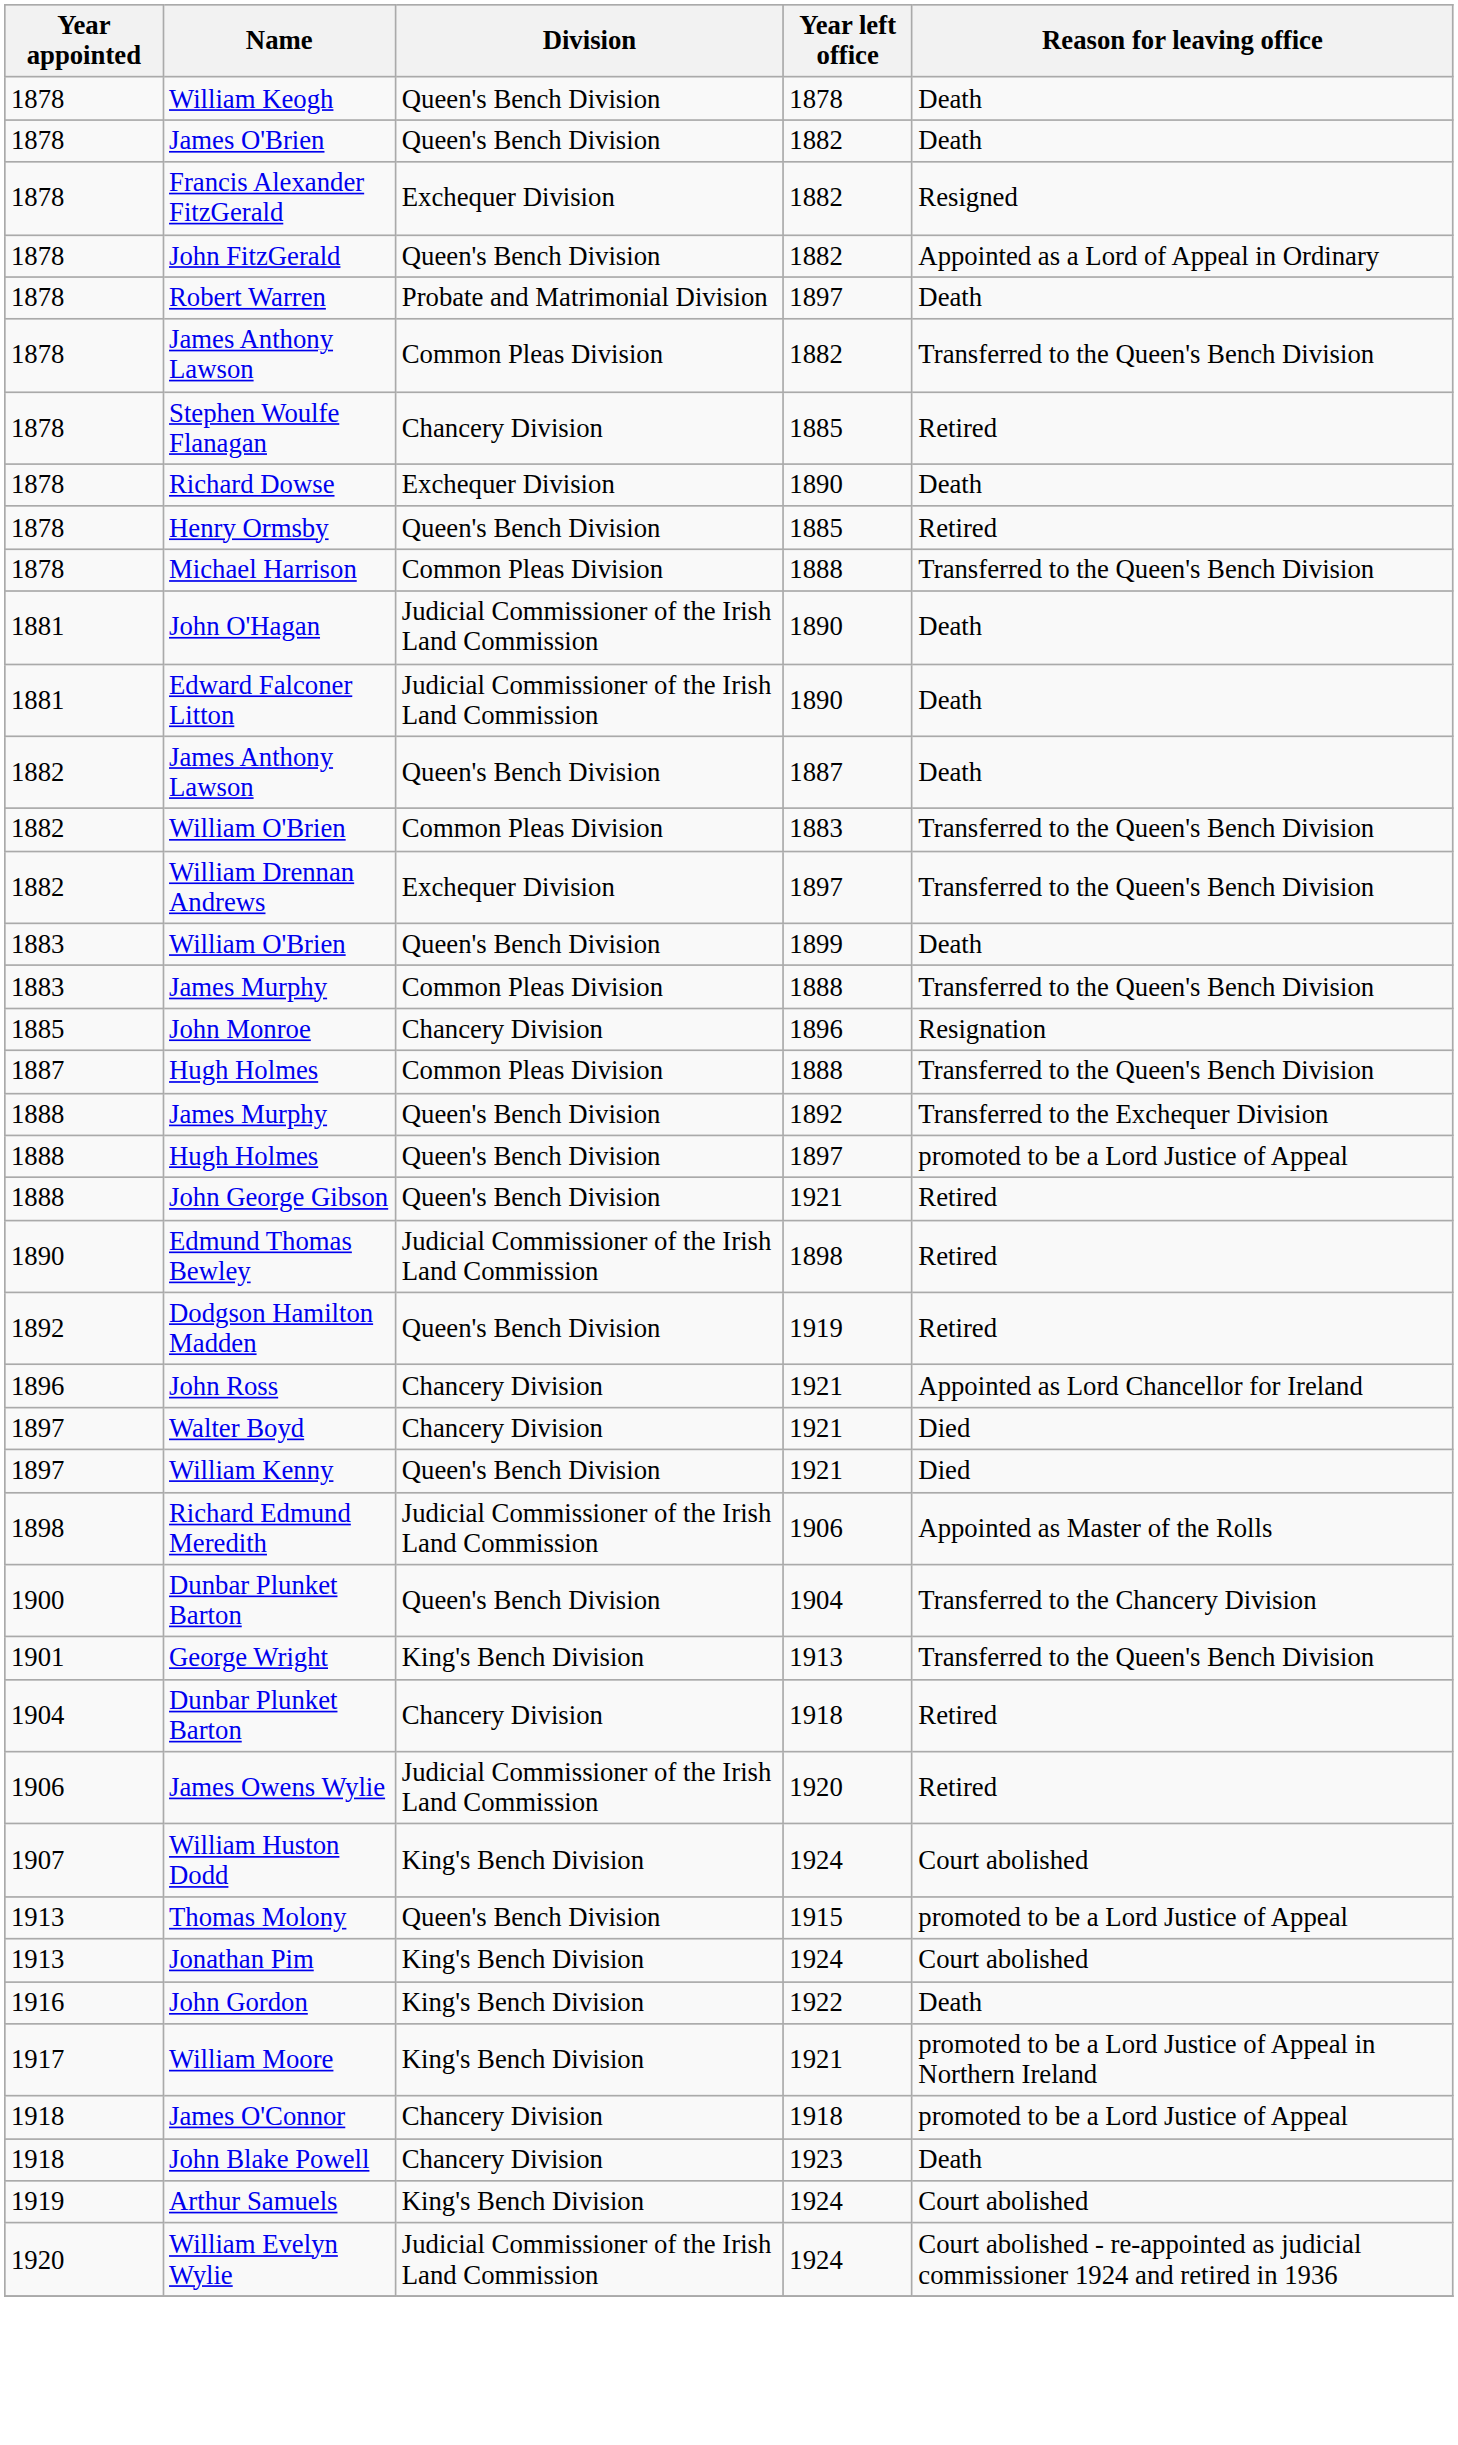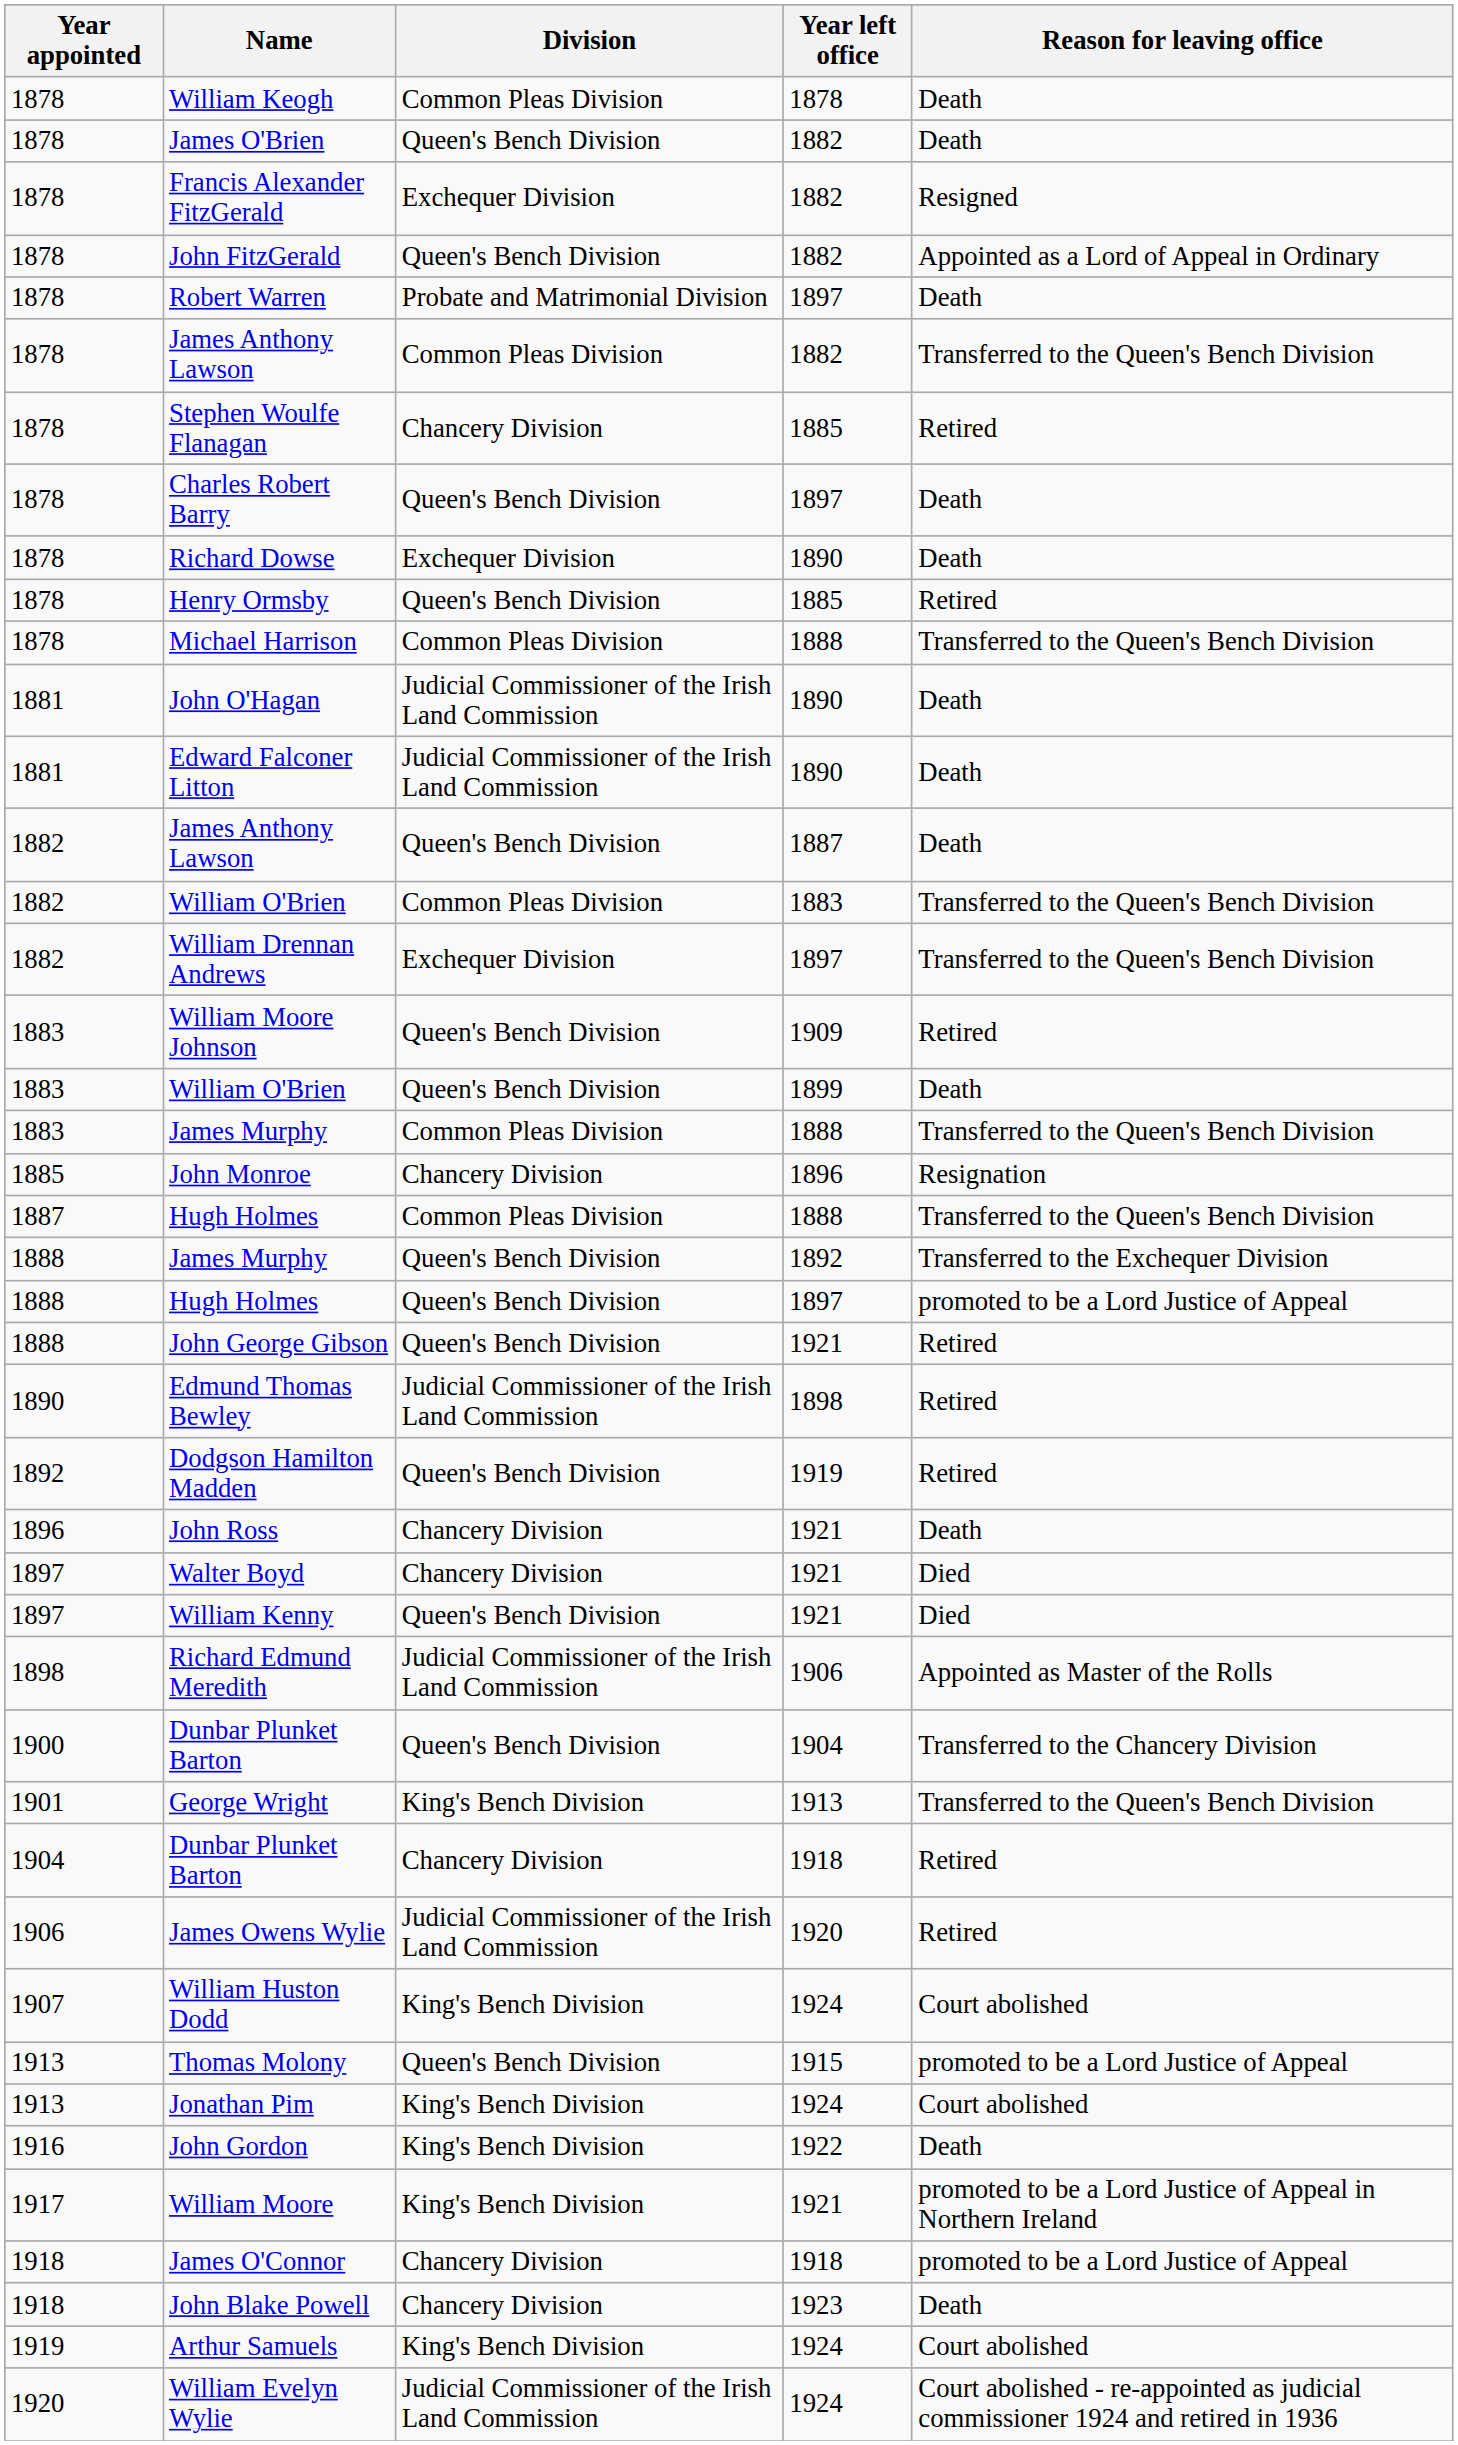 <table class="wikitable sortable">
 <tr>
 <th>Year appointed</th>
 <th>Name</th>
 <th>Division</th>
 <th>Year left office</th>
 <th>Reason for leaving office</th>
 </tr>
 <tr>
 <td>1878</td>
 <td data-sort-value="Keogh, William"><a href='#'>William Keogh</a></td>
-<td>Queen's Bench Division</td>
+<td>Common Pleas Division</td>
 <td>1878</td>
 <td>Death</td>
 </tr>
 <tr>
 <td>1878</td>
 <td data-sort-value="O'Brien, James"><a href='#'>James O'Brien</a></td>
 <td>Queen's Bench Division</td>
 <td>1882</td>
 <td>Death</td>
 </tr>
 <tr>
 <td>1878</td>
 <td data-sort-value="FitzGerald, Francis Alexander"><a href='#'>Francis Alexander FitzGerald</a></td>
 <td>Exchequer Division</td>
 <td>1882</td>
 <td>Resigned</td>
 </tr>
 <tr>
 <td>1878</td>
 <td data-sort-value="FitzGerald, John"><a href='#'>John FitzGerald</a></td>
 <td>Queen's Bench Division</td>
 <td>1882</td>
 <td>Appointed as a Lord of Appeal in Ordinary</td>
 </tr>
 <tr>
 <td>1878</td>
 <td data-sort-value="Warren, Robert"><a href='#'>Robert Warren</a></td>
 <td>Probate and Matrimonial Division</td>
 <td>1897</td>
 <td>Death</td>
 </tr>
 <tr>
 <td>1878</td>
 <td data-sort-value="Lawson, James Anthony"><a href='#'>James Anthony Lawson</a></td>
 <td>Common Pleas Division</td>
 <td>1882</td>
 <td>Transferred to the Queen's Bench Division</td>
 </tr>
 <tr>
 <td>1878</td>
 <td data-sort-value="Flanagan, Stephen Woulfe"><a href='#'>Stephen Woulfe Flanagan</a></td>
 <td>Chancery Division</td>
 <td>1885</td>
 <td>Retired</td>
+</tr>
+<tr>
+<td>1878</td>
+<td data-sort-value="Barry, Charles Robert"><a href='#'>Charles Robert Barry</a></td>
+<td>Queen's Bench Division</td>
+<td>1897</td>
+<td>Death</td>
 </tr>
 <tr>
 <td>1878</td>
 <td data-sort-value="Dowse, Richard"><a href='#'>Richard Dowse</a></td>
 <td>Exchequer Division</td>
 <td>1890</td>
 <td>Death</td>
 </tr>
 <tr>
 <td>1878</td>
 <td data-sort-value="Ormsby, Henry"><a href='#'>Henry Ormsby</a></td>
 <td>Queen's Bench Division</td>
 <td>1885</td>
 <td>Retired</td>
 </tr>
 <tr>
 <td>1878</td>
 <td data-sort-value="Harrison, Michael"><a href='#'>Michael Harrison</a></td>
 <td>Common Pleas Division</td>
 <td>1888</td>
 <td>Transferred to the Queen's Bench Division</td>
 </tr>
 <tr>
 <td>1881</td>
 <td data-sort-value="O'Hagan, John"><a href='#'>John O'Hagan</a></td>
 <td>Judicial Commissioner of the Irish Land Commission</td>
 <td>1890</td>
 <td>Death</td>
 </tr>
 <tr>
 <td>1881</td>
 <td data-sort-value="Litton, Edward Falconer"><a href='#'>Edward Falconer Litton</a></td>
 <td>Judicial Commissioner of the Irish Land Commission</td>
 <td>1890</td>
 <td>Death</td>
 </tr>
 <tr>
 <td>1882</td>
 <td data-sort-value="Lawson, James Anthony"><a href='#'>James Anthony Lawson</a></td>
 <td>Queen's Bench Division</td>
 <td>1887</td>
 <td>Death</td>
 </tr>
 <tr>
 <td>1882</td>
 <td data-sort-value="O'Brien, William"><a href='#'>William O'Brien</a></td>
 <td>Common Pleas Division</td>
 <td>1883</td>
 <td>Transferred to the Queen's Bench Division</td>
 </tr>
 <tr>
 <td>1882</td>
 <td data-sort-value="Andrews, William"><a href='#'>William Drennan Andrews</a></td>
 <td>Exchequer Division</td>
 <td>1897</td>
 <td>Transferred to the Queen's Bench Division</td>
+</tr>
+<tr>
+<td>1883</td>
+<td data-sort-value="Johnson, William!"><a href='#'>William Moore Johnson</a></td>
+<td>Queen's Bench Division</td>
+<td>1909</td>
+<td>Retired</td>
 </tr>
 <tr>
 <td>1883</td>
 <td data-sort-value="O'Brien, William"><a href='#'>William O'Brien</a></td>
 <td>Queen's Bench Division</td>
 <td>1899</td>
 <td>Death</td>
 </tr>
 <tr>
 <td>1883</td>
 <td data-sort-value="Murphy, James"><a href='#'>James Murphy</a></td>
 <td>Common Pleas Division</td>
 <td>1888</td>
 <td>Transferred to the Queen's Bench Division</td>
 </tr>
 <tr>
 <td>1885</td>
 <td data-sort-value="Monroe, John"><a href='#'>John Monroe</a></td>
 <td>Chancery Division</td>
 <td>1896</td>
 <td>Resignation</td>
 </tr>
 <tr>
 <td>1887</td>
 <td data-sort-value="Holmes, Hugh"><a href='#'>Hugh Holmes</a></td>
 <td>Common Pleas Division</td>
 <td>1888</td>
 <td>Transferred to the Queen's Bench Division</td>
 </tr>
 <tr>
 <td>1888</td>
 <td data-sort-value="Murphy, James"><a href='#'>James Murphy</a></td>
 <td>Queen's Bench Division</td>
 <td>1892</td>
 <td>Transferred to the Exchequer Division</td>
 </tr>
 <tr>
 <td>1888</td>
 <td data-sort-value="Holmes, Hugh"><a href='#'>Hugh Holmes</a></td>
 <td>Queen's Bench Division</td>
 <td>1897</td>
 <td>promoted to be a Lord Justice of Appeal</td>
 </tr>
 <tr>
 <td>1888</td>
 <td data-sort-value="Gibson, John George"><a href='#'>John George Gibson</a></td>
 <td>Queen's Bench Division</td>
 <td>1921</td>
 <td>Retired</td>
 </tr>
 <tr>
 <td>1890</td>
 <td data-sort-value="Bewley, Edmund Thomas"><a href='#'>Edmund Thomas Bewley</a></td>
 <td>Judicial Commissioner of the Irish Land Commission</td>
 <td>1898</td>
 <td>Retired</td>
 </tr>
 <tr>
 <td>1892</td>
 <td data-sort-value="Madden, Dodgson Hamilton"><a href='#'>Dodgson Hamilton Madden</a></td>
 <td>Queen's Bench Division</td>
 <td>1919</td>
 <td>Retired</td>
 </tr>
 <tr>
 <td>1896</td>
 <td data-sort-value="Ross, John"><a href='#'>John Ross</a></td>
 <td>Chancery Division</td>
 <td>1921</td>
-<td>Appointed as Lord Chancellor for Ireland</td>
+<td>Death</td>
 </tr>
 <tr>
 <td>1897</td>
 <td data-sort-value="Boyd, Walter"><a href='#'>Walter Boyd</a></td>
 <td>Chancery Division</td>
 <td>1921</td>
 <td>Died</td>
 </tr>
 <tr>
 <td>1897</td>
 <td data-sort-value="Kenny, William!"><a href='#'>William Kenny</a></td>
 <td>Queen's Bench Division</td>
 <td>1921</td>
 <td>Died</td>
 </tr>
 <tr>
 <td>1898</td>
 <td data-sort-value="Meredith, Richard Edmund"><a href='#'>Richard Edmund Meredith</a></td>
 <td>Judicial Commissioner of the Irish Land Commission</td>
 <td>1906</td>
 <td>Appointed as Master of the Rolls</td>
 </tr>
 <tr>
 <td>1900</td>
 <td data-sort-value="Barton, Dunbar"><a href='#'>Dunbar Plunket Barton</a></td>
 <td>Queen's Bench Division</td>
 <td>1904</td>
 <td>Transferred to the Chancery Division</td>
 </tr>
 <tr>
 <td>1901</td>
 <td data-sort-value="Wright, George"><a href='#'>George Wright</a></td>
 <td>King's Bench Division</td>
 <td>1913</td>
 <td>Transferred to the Queen's Bench Division</td>
 </tr>
 <tr>
 <td>1904</td>
 <td data-sort-value="Barton, Dunbar"><a href='#'>Dunbar Plunket Barton</a></td>
 <td>Chancery Division</td>
 <td>1918</td>
 <td>Retired</td>
 </tr>
 <tr>
 <td>1906</td>
 <td data-sort-value="Wylie, James Owens"><a href='#'>James Owens Wylie</a></td>
 <td>Judicial Commissioner of the Irish Land Commission</td>
 <td>1920</td>
 <td>Retired</td>
 </tr>
 <tr>
 <td>1907</td>
 <td data-sort-value="Dodd, William Huston"><a href='#'>William Huston Dodd</a></td>
 <td>King's Bench Division</td>
 <td>1924</td>
 <td>Court abolished</td>
 </tr>
 <tr>
 <td>1913</td>
 <td data-sort-value="Molony, Thomas"><a href='#'>Thomas Molony</a></td>
 <td>Queen's Bench Division</td>
 <td>1915</td>
 <td>promoted to be a Lord Justice of Appeal</td>
 </tr>
 <tr>
 <td>1913</td>
 <td data-sort-value="Pim, Jonathan"><a href='#'>Jonathan Pim</a></td>
 <td>King's Bench Division</td>
 <td>1924</td>
 <td>Court abolished</td>
 </tr>
 <tr>
 <td>1916</td>
 <td data-sort-value="Gordon, John"><a href='#'>John Gordon</a></td>
 <td>King's Bench Division</td>
 <td>1922</td>
 <td>Death</td>
 </tr>
 <tr>
 <td>1917</td>
 <td data-sort-value="Moore, William"><a href='#'>William Moore</a></td>
 <td>King's Bench Division</td>
 <td>1921</td>
 <td>promoted to be a Lord Justice of Appeal in Northern Ireland</td>
 </tr>
 <tr>
 <td>1918</td>
 <td data-sort-value="O'Connor, James"><a href='#'>James O'Connor</a></td>
 <td>Chancery Division</td>
 <td>1918</td>
 <td>promoted to be a Lord Justice of Appeal</td>
 </tr>
 <tr>
 <td>1918</td>
 <td data-sort-value="Powell, John"><a href='#'>John Blake Powell</a></td>
 <td>Chancery Division</td>
 <td>1923</td>
 <td>Death</td>
 </tr>
 <tr>
 <td>1919</td>
 <td data-sort-value="Samuels, Arthur Warren"><a href='#'>Arthur Samuels</a></td>
 <td>King's Bench Division</td>
 <td>1924</td>
 <td>Court abolished</td>
 </tr>
 <tr>
 <td>1920</td>
 <td data-sort-value="Wylie, William Evelyn"><a href='#'>William Evelyn Wylie</a></td>
 <td>Judicial Commissioner of the Irish Land Commission</td>
 <td>1924</td>
 <td>Court abolished - re-appointed as judicial commissioner 1924 and retired in 1936</td>
 </tr>
 <tr>
 </tr>
 </table>
